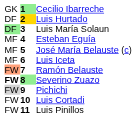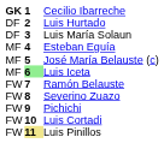 <table style="font-size: 90%" cellspacing="0" cellpadding="0" align=center>
 <tr>
 <td colspan="4"></td>
 </tr>
 <tr>
 <th width=25></th>
 <th width=25></th>
 </tr>
 <tr>
-<td>GK</td>
-<td style="background: lightgreen;"><strong>1</strong></td>
+<td><strong>GK</strong></td>
+<td><strong>1</strong></td>
 <td> <a href='#'>Cecilio Ibarreche</a></td>
 </tr>
 <tr>
 <td>DF</td>
-<td style="background: gold;"><strong>2</strong></td>
+<td><strong>2</strong></td>
 <td> <a href='#'>Luis Hurtado</a></td>
 </tr>
 <tr>
-<td style="background: lightgreen;">DF</td>
+<td>DF</td>
 <td><strong>3</strong></td>
 <td> Luis María Solaun</td>
 </tr>
 <tr>
 <td>MF</td>
 <td><strong>4</strong></td>
 <td> <a href='#'>Esteban Eguía</a></td>
 </tr>
 <tr>
 <td>MF</td>
 <td><strong>5</strong></td>
 <td> <a href='#'>José María Belauste</a> (<a href='#'>c</a>)</td>
 </tr>
 <tr>
 <td>MF</td>
-<td><strong>6</strong></td>
+<td style="background: lightgreen;"><strong>6</strong></td>
 <td> <a href='#'>Luis Iceta</a></td>
 </tr>
 <tr>
-<td style="background: lightsalmon;">FW</td>
+<td>FW</td>
 <td><strong>7</strong></td>
 <td> <a href='#'>Ramón Belauste</a></td>
 </tr>
 <tr>
-<td><strong>FW</strong></td>
-<td style="background: lightgreen;"><strong>8</strong></td>
+<td>FW</td>
+<td><strong>8</strong></td>
 <td> <a href='#'>Severino Zuazo</a></td>
 </tr>
 <tr>
-<td style="background: lightgrey;">FW</td>
+<td>FW</td>
 <td><strong>9</strong></td>
 <td> <a href='#'>Pichichi</a></td>
 </tr>
 <tr>
 <td>FW</td>
 <td><strong>10</strong></td>
 <td> <a href='#'>Luis Cortadi</a></td>
 </tr>
 <tr>
 <td>FW</td>
-<td><strong>11</strong></td>
+<td style="background: khaki;"><strong>11</strong></td>
 <td> Luis Pinillos</td>
 </tr>
 </table>
